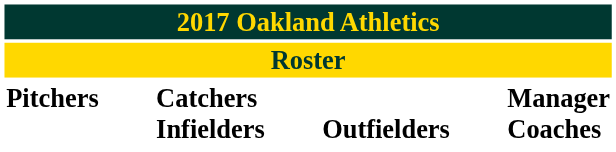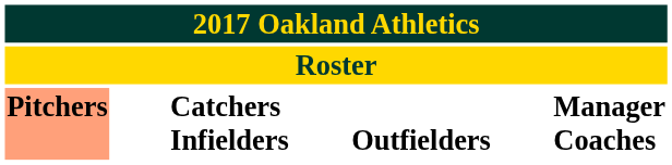 <table class="toccolours" style="font-size: 95%;">
 <tr>
 <th colspan="10" style="background:#003831; color:#ffd800; text-align:center;">2017 Oakland Athletics</th>
 </tr>
 <tr>
 <td colspan="10" style="background:#ffd800; color:#003831; text-align:center;"><strong>Roster</strong></td>
 </tr>
 <tr>
-<td valign="top"><strong>Pitchers</strong><br>                           </td>
+<td valign="top" style="background: lightsalmon;"><strong>Pitchers</strong><br>                           </td>
 <td style="width:25px;"></td>
 <td valign="top"><strong>Catchers</strong><br>     <strong>Infielders</strong>           </td>
 <td style="width:25px;"></td>
 <td valign="top"><br><strong>Outfielders</strong>          </td>
 <td style="width:25px;"></td>
 <td valign="top"><strong>Manager</strong><br> <strong>Coaches</strong>                    </td>
 </tr>
 </table>
